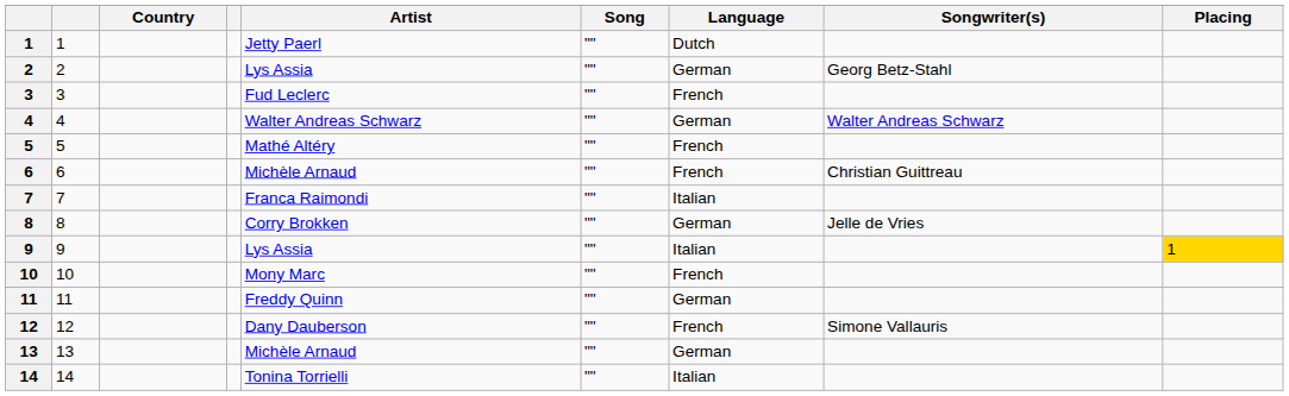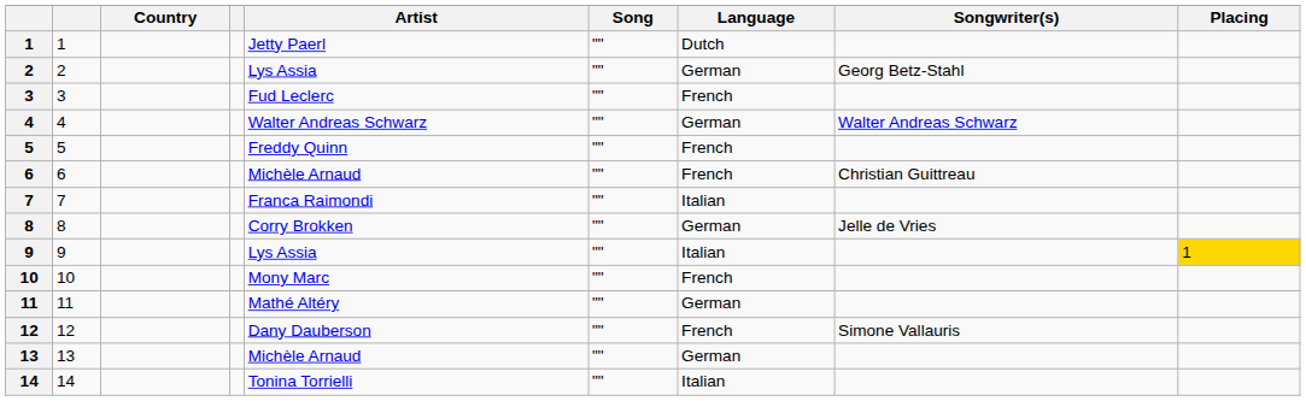 <table class="wikitable plainrowheaders" style="width:100%">
 <tr>
 </tr>
 <tr>
 <th scope="col"></th>
 <th scope="col"></th>
 <th scope="col">Country</th>
 <th scope="col"></th>
 <th scope="col">Artist</th>
 <th scope="col">Song</th>
 <th scope="col">Language</th>
 <th scope="col">Songwriter(s)</th>
 <th scope="col">Placing</th>
 </tr>
 <tr>
 <th scope="row">1</th>
 <td>1</td>
 <td></td>
 <td></td>
 <td><a href='#'>Jetty Paerl</a></td>
 <td>""</td>
 <td>Dutch</td>
 <td></td>
 <td></td>
 </tr>
 <tr>
 <th scope="row">2</th>
 <td>2</td>
 <td></td>
 <td></td>
 <td><a href='#'>Lys Assia</a></td>
 <td>""</td>
 <td>German</td>
 <td>Georg Betz-Stahl</td>
 <td></td>
 </tr>
 <tr>
 <th scope="row">3</th>
 <td>3</td>
 <td></td>
 <td></td>
 <td><a href='#'>Fud Leclerc</a></td>
 <td>""</td>
 <td>French</td>
 <td></td>
 <td></td>
 </tr>
 <tr>
 <th scope="row">4</th>
 <td>4</td>
 <td></td>
 <td></td>
 <td><a href='#'>Walter Andreas Schwarz</a></td>
 <td>""</td>
 <td>German</td>
 <td><a href='#'>Walter Andreas Schwarz</a></td>
 <td></td>
 </tr>
 <tr>
 <th scope="row">5</th>
 <td>5</td>
 <td></td>
 <td></td>
-<td><a href='#'>Mathé Altéry</a></td>
+<td><a href='#'>Freddy Quinn</a></td>
 <td>""</td>
 <td>French</td>
 <td></td>
 <td></td>
 </tr>
 <tr>
 <th scope="row">6</th>
 <td>6</td>
 <td></td>
 <td></td>
 <td><a href='#'>Michèle Arnaud</a></td>
 <td>""</td>
 <td>French</td>
 <td>Christian Guittreau</td>
 <td></td>
 </tr>
 <tr>
 <th scope="row">7</th>
 <td>7</td>
 <td></td>
 <td></td>
 <td><a href='#'>Franca Raimondi</a></td>
 <td>""</td>
 <td>Italian</td>
 <td></td>
 <td></td>
 </tr>
 <tr>
 <th scope="row">8</th>
 <td>8</td>
 <td></td>
 <td></td>
 <td><a href='#'>Corry Brokken</a></td>
 <td>""</td>
 <td>German</td>
 <td>Jelle de Vries</td>
 <td></td>
 </tr>
 <tr>
 <th scope="row">9</th>
 <td>9</td>
 <td></td>
 <td></td>
 <td><a href='#'>Lys Assia</a></td>
 <td>""</td>
 <td>Italian</td>
 <td></td>
 <td bgcolor="gold">1</td>
 </tr>
 <tr>
 <th scope="row">10</th>
 <td>10</td>
 <td></td>
 <td></td>
 <td><a href='#'>Mony Marc</a></td>
 <td>""</td>
 <td>French</td>
 <td></td>
 <td></td>
 </tr>
 <tr>
 <th scope="row">11</th>
 <td>11</td>
 <td></td>
 <td></td>
-<td><a href='#'>Freddy Quinn</a></td>
+<td><a href='#'>Mathé Altéry</a></td>
 <td>""</td>
 <td>German</td>
 <td></td>
 <td></td>
 </tr>
 <tr>
 <th scope="row">12</th>
 <td>12</td>
 <td></td>
 <td></td>
 <td><a href='#'>Dany Dauberson</a></td>
 <td>""</td>
 <td>French</td>
 <td>Simone Vallauris</td>
 <td></td>
 </tr>
 <tr>
 <th scope="row">13</th>
 <td>13</td>
 <td></td>
 <td></td>
 <td><a href='#'>Michèle Arnaud</a></td>
 <td>""</td>
 <td>German</td>
 <td></td>
 <td></td>
 </tr>
 <tr>
 <th scope="row">14</th>
 <td>14</td>
 <td></td>
 <td></td>
 <td><a href='#'>Tonina Torrielli</a></td>
 <td>""</td>
 <td>Italian</td>
 <td></td>
 <td></td>
 </tr>
 </table>
